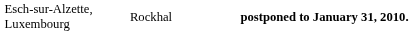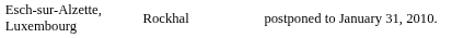 <table cellpadding="2" style="border:0 solid darkgrey; font-size:90%">
 <tr>
 <th style="width:150px;"></th>
 <th style="width:250px;"></th>
 <th style="width:250px;"></th>
 <th style="width:700px;"></th>
 </tr>
 <tr>
 <td></td>
 <td>Esch-sur-Alzette, Luxembourg</td>
 <td>Rockhal</td>
-<td><strong>postponed to January 31, 2010.</strong></td>
+<td>postponed to January 31, 2010.</td>
 </tr>
 </table>
